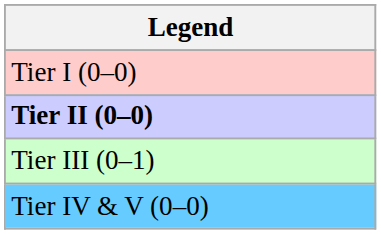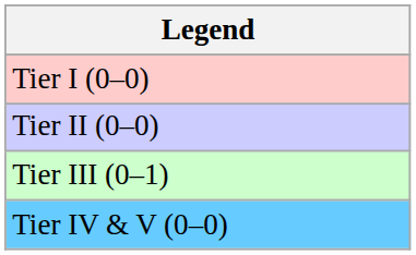 <table class=wikitable style=font-size:90% width=10%>
 <tr>
 <th>Legend</th>
 </tr>
 <tr>
 <td bgcolor=#ffcccc>Tier I (0–0)</td>
 </tr>
 <tr>
-<td bgcolor=#ccccff><strong>Tier II (0–0)</strong></td>
+<td bgcolor=#ccccff>Tier II (0–0)</td>
 </tr>
 <tr>
 <td bgcolor=#CCFFCC>Tier III (0–1)</td>
 </tr>
 <tr>
 <td bgcolor=#66CCFF>Tier IV & V (0–0)</td>
 </tr>
 </table>
